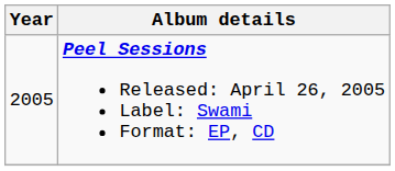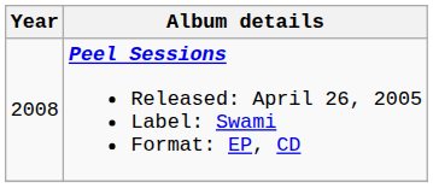 <table class ="wikitable">
 <tr>
 <th>Year</th>
 <th>Album details</th>
 </tr>
 <tr>
-<td>2005</td>
+<td>2008</td>
 <td><strong><em><a href='#'>Peel Sessions</a></em></strong><br><ul><li>Released: April 26, 2005</li><li>Label: <a href='#'>Swami</a></li><li>Format: <a href='#'>EP</a>, <a href='#'>CD</a></li></ul></td>
 </tr>
 <tr>
 </tr>
 </table>
